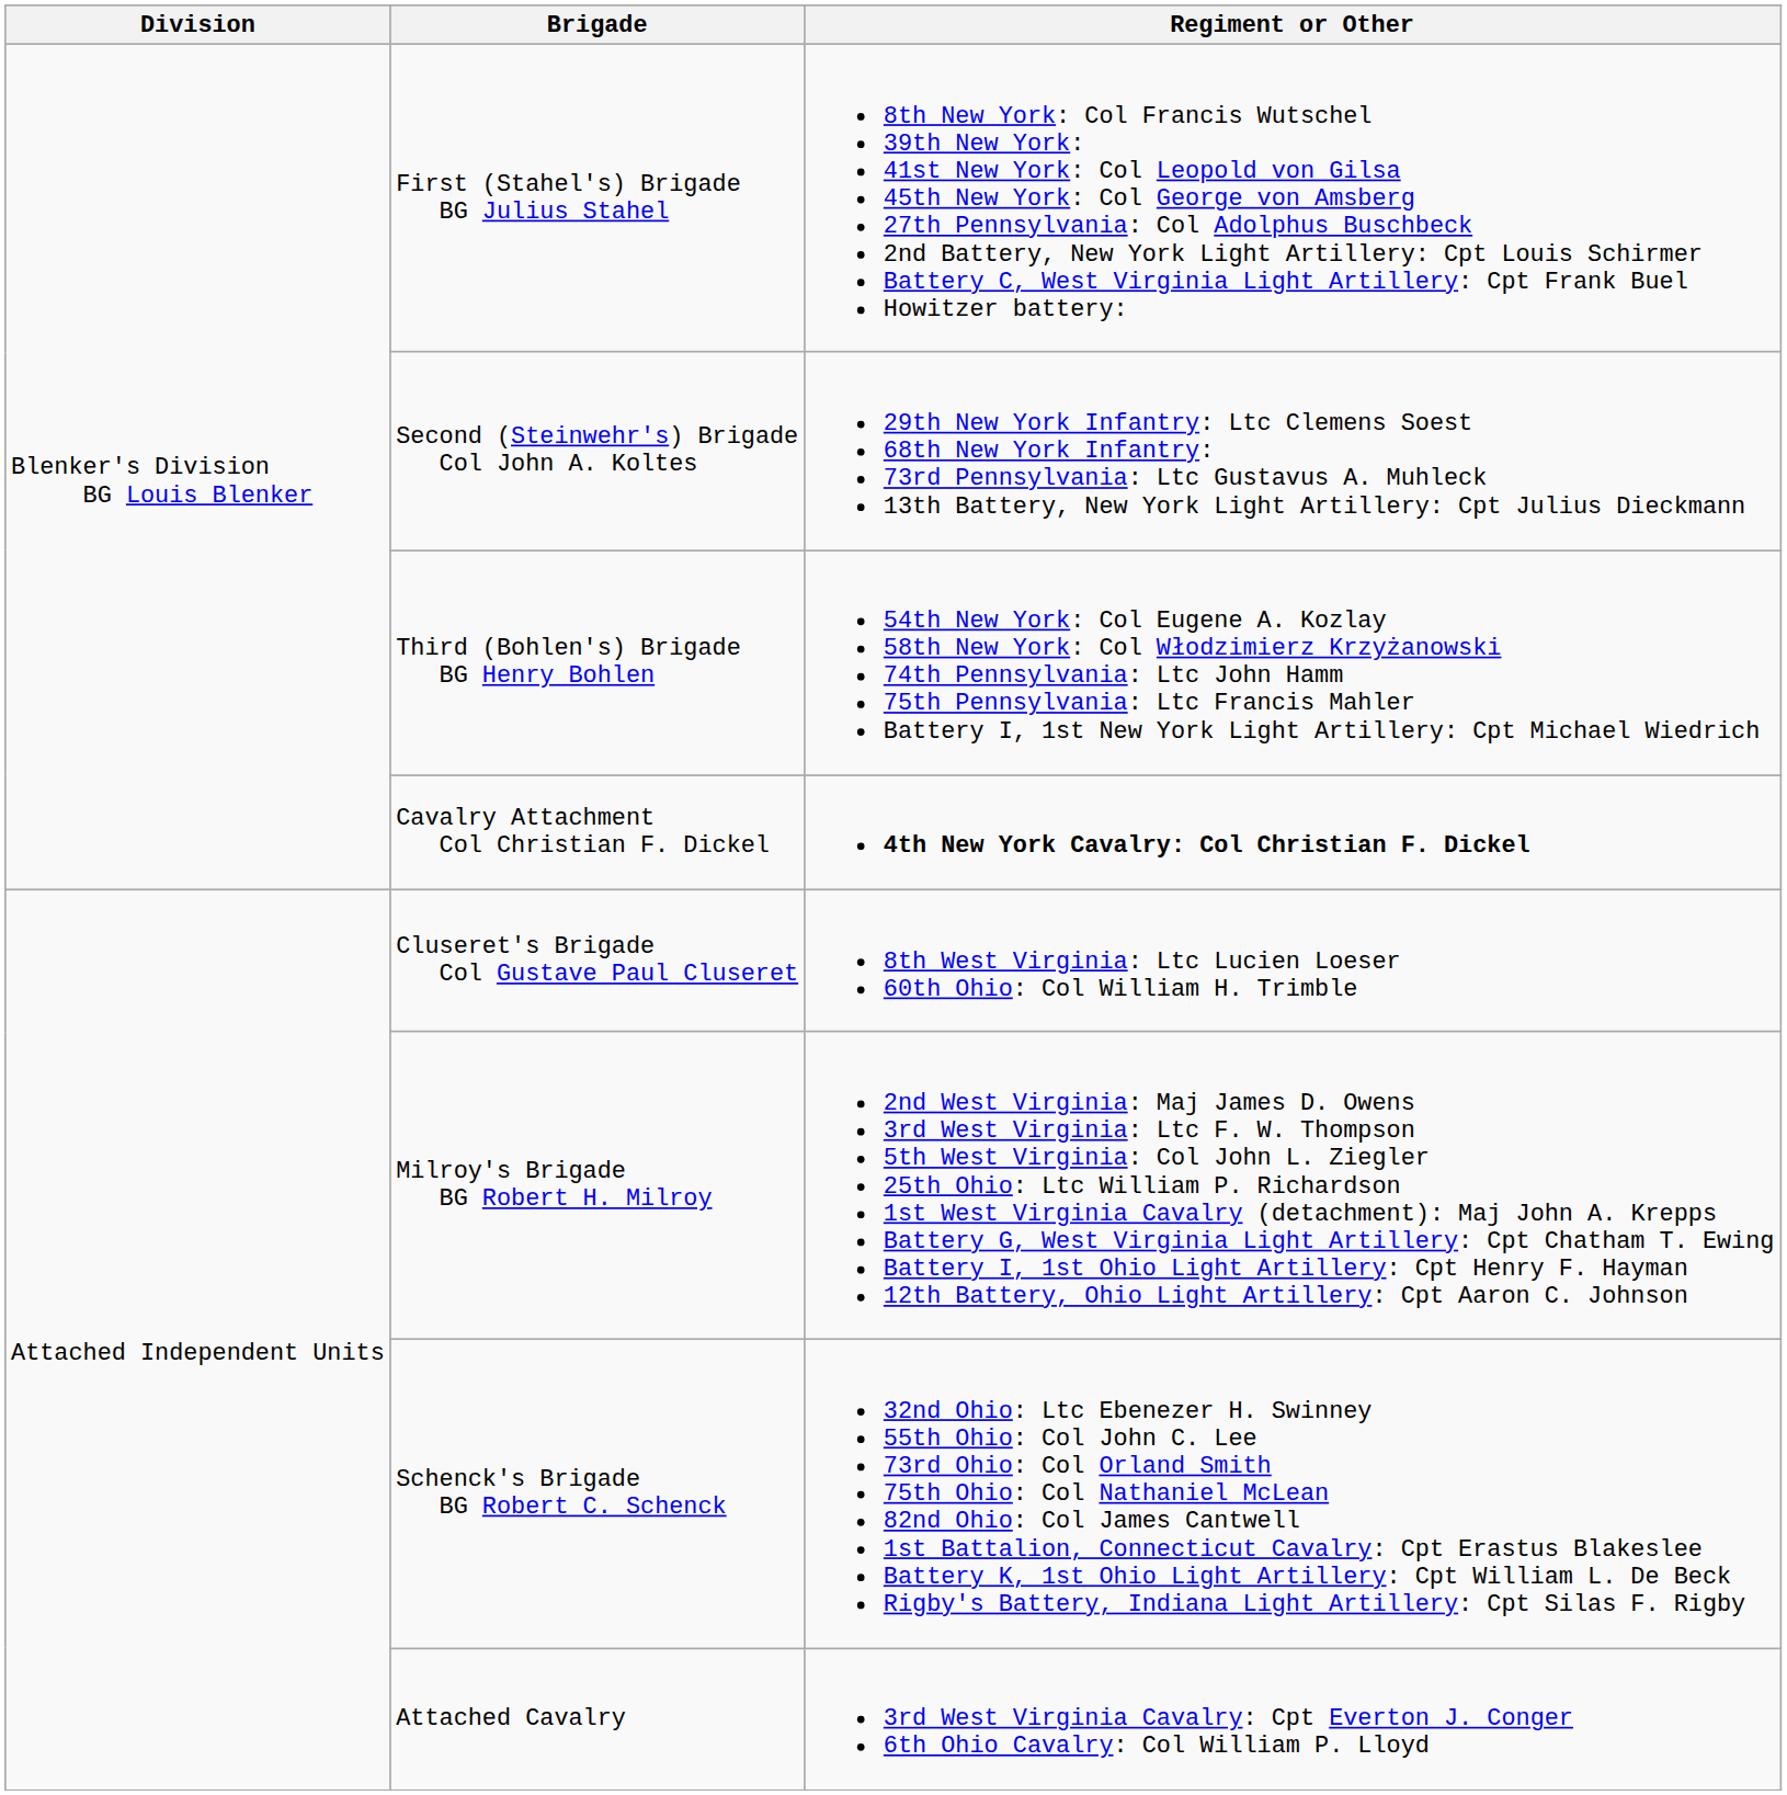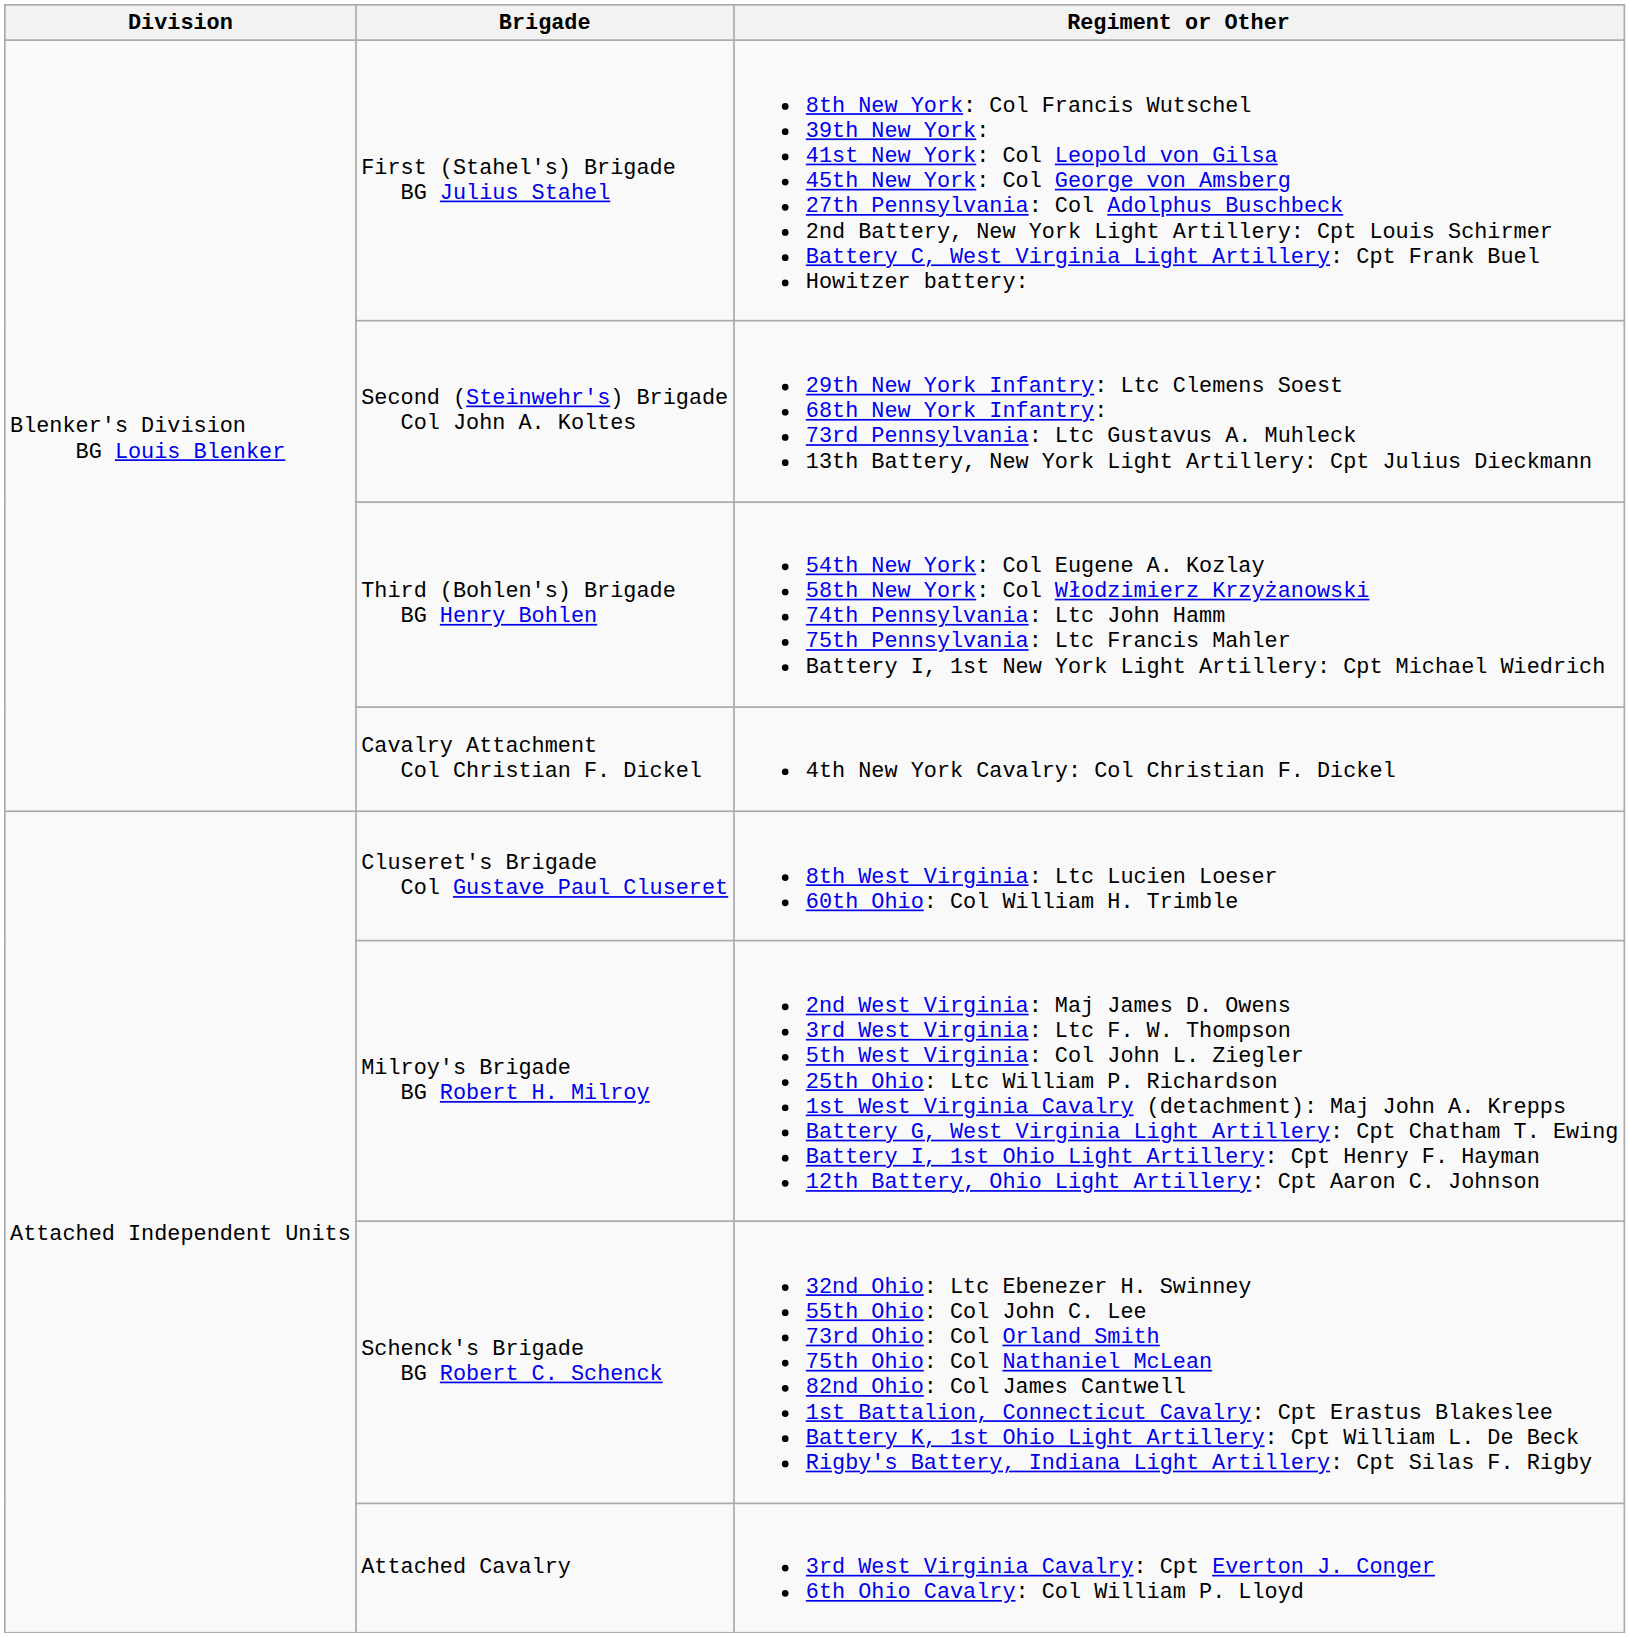 <table class="wikitable">
 <tr>
 <th>Division</th>
 <th>Brigade</th>
 <th>Regiment or Other</th>
 </tr>
 <tr>
 <td rowspan=4><br>Blenker's Division <br>     BG <a href='#'>Louis Blenker</a></td>
 <td>First (Stahel's) Brigade<br>   BG <a href='#'>Julius Stahel</a></td>
 <td><br><ul><li><a href='#'>8th New York</a>: Col Francis Wutschel</li><li><a href='#'>39th New York</a>:</li><li><a href='#'>41st New York</a>: Col <a href='#'>Leopold von Gilsa</a></li><li><a href='#'>45th New York</a>: Col <a href='#'>George von Amsberg</a></li><li><a href='#'>27th Pennsylvania</a>: Col <a href='#'>Adolphus Buschbeck</a></li><li>2nd Battery, New York Light Artillery: Cpt Louis Schirmer</li><li><a href='#'>Battery C, West Virginia Light Artillery</a>: Cpt Frank Buel</li><li>Howitzer battery:</li></ul></td>
 </tr>
 <tr>
 <td>Second (<a href='#'>Steinwehr's</a>) Brigade<br>   Col John A. Koltes</td>
 <td><br><ul><li><a href='#'>29th New York Infantry</a>: Ltc Clemens Soest</li><li><a href='#'>68th New York Infantry</a>:</li><li><a href='#'>73rd Pennsylvania</a>: Ltc Gustavus A. Muhleck</li><li>13th Battery, New York Light Artillery: Cpt Julius Dieckmann</li></ul></td>
 </tr>
 <tr>
 <td>Third (Bohlen's) Brigade<br>   BG <a href='#'>Henry Bohlen</a></td>
 <td><br><ul><li><a href='#'>54th New York</a>: Col Eugene A. Kozlay</li><li><a href='#'>58th New York</a>: Col <a href='#'>Włodzimierz Krzyżanowski</a></li><li><a href='#'>74th Pennsylvania</a>: Ltc John Hamm</li><li><a href='#'>75th Pennsylvania</a>: Ltc Francis Mahler</li><li>Battery I, 1st New York Light Artillery: Cpt Michael Wiedrich</li></ul></td>
 </tr>
 <tr>
 <td>Cavalry Attachment<br>   Col Christian F. Dickel</td>
-<td><strong><br><ul><li>4th New York Cavalry: Col Christian F. Dickel</li></ul></strong></td>
+<td><br><ul><li>4th New York Cavalry: Col Christian F. Dickel</li></ul></td>
 </tr>
 <tr>
 <td rowspan=4><br>Attached Independent Units</td>
 <td>Cluseret's Brigade<br>   Col <a href='#'>Gustave Paul Cluseret</a></td>
 <td><br><ul><li><a href='#'>8th West Virginia</a>: Ltc Lucien Loeser</li><li><a href='#'>60th Ohio</a>: Col William H. Trimble</li></ul></td>
 </tr>
 <tr>
 <td>Milroy's Brigade<br>   BG <a href='#'>Robert H. Milroy</a></td>
 <td><br><ul><li><a href='#'>2nd West Virginia</a>: Maj James D. Owens</li><li><a href='#'>3rd West Virginia</a>: Ltc F. W. Thompson</li><li><a href='#'>5th West Virginia</a>: Col John L. Ziegler</li><li><a href='#'>25th Ohio</a>: Ltc William P. Richardson</li><li><a href='#'>1st West Virginia Cavalry</a> (detachment): Maj John A. Krepps</li><li><a href='#'>Battery G, West Virginia Light Artillery</a>: Cpt Chatham T. Ewing</li><li><a href='#'>Battery I, 1st Ohio Light Artillery</a>: Cpt Henry F. Hayman</li><li><a href='#'>12th Battery, Ohio Light Artillery</a>: Cpt Aaron C. Johnson</li></ul></td>
 </tr>
 <tr>
 <td>Schenck's Brigade<br>   BG <a href='#'>Robert C. Schenck</a></td>
 <td><br><ul><li><a href='#'>32nd Ohio</a>: Ltc Ebenezer H. Swinney</li><li><a href='#'>55th Ohio</a>: Col John C. Lee</li><li><a href='#'>73rd Ohio</a>: Col <a href='#'>Orland Smith</a></li><li><a href='#'>75th Ohio</a>: Col <a href='#'>Nathaniel McLean</a></li><li><a href='#'>82nd Ohio</a>: Col James Cantwell</li><li><a href='#'>1st Battalion, Connecticut Cavalry</a>: Cpt Erastus Blakeslee</li><li><a href='#'>Battery K, 1st Ohio Light Artillery</a>: Cpt William L. De Beck</li><li><a href='#'>Rigby's Battery, Indiana Light Artillery</a>: Cpt Silas F. Rigby</li></ul></td>
 </tr>
 <tr>
 <td>Attached Cavalry</td>
 <td><br><ul><li><a href='#'>3rd West Virginia Cavalry</a>: Cpt <a href='#'>Everton J. Conger</a></li><li><a href='#'>6th Ohio Cavalry</a>: Col William P. Lloyd</li></ul></td>
 </tr>
 </table>
